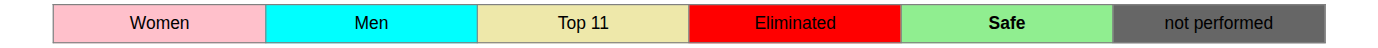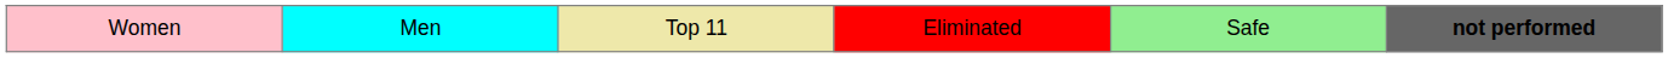 <table border="2" cellpadding="8" style="background:silver; border:1px solid gray; border-collapse:collapse; margin:1em auto; text-align:center; ">
 <tr>
 </tr>
 <tr>
 <td style = "background:pink;" width="10%">Women</td>
 <td style = "background:cyan;" width="10%">Men</td>
 <td style = "background:palegoldenrod;" width="10%">Top 11</td>
 <td style = "background:red;" width="10%"><span>Eliminated</span></td>
-<td style = "background:lightgreen;" width="10%"><strong>Safe</strong></td>
-<td style = "background:#666666;" width="10%"><span>not performed</span></td>
+<td style = "background:lightgreen;" width="10%">Safe</td>
+<td style = "background:#666666;" width="10%"><strong><span>not performed</span></strong></td>
 </tr>
 </table>
